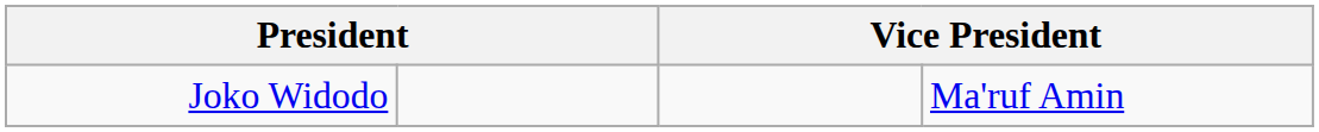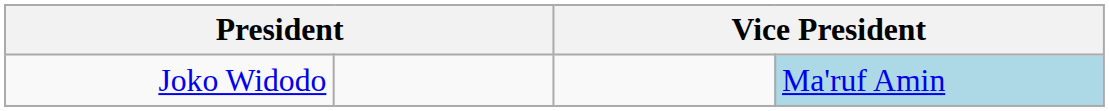 <table class="wikitable">
 <tr>
 <th colspan="2" width=270>President</th>
 <th colspan="2" width=270>Vice President</th>
 </tr>
 <tr>
 <td align="right"><a href='#'>Joko Widodo</a></td>
 <td align="center" width=104></td>
 <td align="center" width=104></td>
-<td align="left"><a href='#'>Ma'ruf Amin</a></td>
+<td align="left" style="background: lightblue;"><a href='#'>Ma'ruf Amin</a></td>
 </tr>
 </table>
